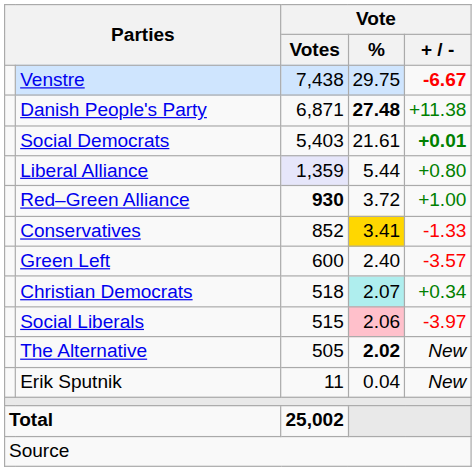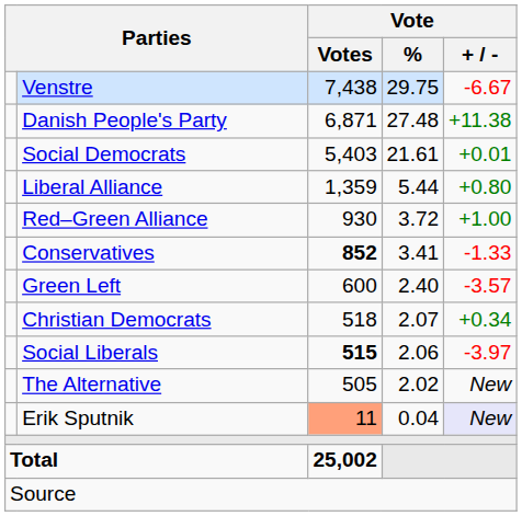 <table class="wikitable" style="text-align:right;">
 <tr>
 <th style="text-align:centre;" rowspan="2" colspan="2" width="225">Parties</th>
 <th colspan="3">Vote</th>
 </tr>
 <tr>
 <th width="15">Votes</th>
 <th width="15">%</th>
 <th width="15">+ / -</th>
 </tr>
 <tr>
 <td width="2" style="color:inherit;background:"></td>
 <td bgcolor=#cfe5fe  align="left"><a href='#'>Venstre</a></td>
 <td bgcolor=#cfe5fe>7,438</td>
 <td bgcolor=#cfe5fe>29.75</td>
-<td style=color:red;><strong>-6.67</strong></td>
+<td style=color:red;>-6.67</td>
 </tr>
 <tr>
 <td width="2" style="color:inherit;background:"></td>
 <td align="left"><a href='#'>Danish People's Party</a></td>
 <td>6,871</td>
-<td><strong>27.48</strong></td>
+<td>27.48</td>
 <td style=color:green;>+11.38</td>
 </tr>
 <tr>
 <td width="2" style="color:inherit;background:"></td>
 <td align="left"><a href='#'>Social Democrats</a></td>
 <td>5,403</td>
 <td>21.61</td>
-<td style=color:green;><strong>+0.01</strong></td>
+<td style=color:green;>+0.01</td>
 </tr>
 <tr>
 <td width="2" style="color:inherit;background:"></td>
 <td align="left"><a href='#'>Liberal Alliance</a></td>
-<td style="background: lavender;">1,359</td>
+<td>1,359</td>
 <td>5.44</td>
 <td style=color:green;>+0.80</td>
 </tr>
 <tr>
 <td width="2" style="color:inherit;background:"></td>
 <td align="left"><a href='#'>Red–Green Alliance</a></td>
-<td><strong>930</strong></td>
+<td>930</td>
 <td>3.72</td>
 <td style=color:green;>+1.00</td>
 </tr>
 <tr>
 <td width="2" style="color:inherit;background:"></td>
 <td align="left"><a href='#'>Conservatives</a></td>
-<td>852</td>
-<td style="background: gold;">3.41</td>
+<td><strong>852</strong></td>
+<td>3.41</td>
 <td style=color:red;>-1.33</td>
 </tr>
 <tr>
 <td width="2" style="color:inherit;background:"></td>
 <td align="left"><a href='#'>Green Left</a></td>
 <td>600</td>
 <td>2.40</td>
 <td style=color:red;>-3.57</td>
 </tr>
 <tr>
 <td width="2" style="color:inherit;background:"></td>
 <td align="left"><a href='#'>Christian Democrats</a></td>
 <td>518</td>
-<td style="background: paleturquoise;">2.07</td>
+<td>2.07</td>
 <td style=color:green;>+0.34</td>
 </tr>
 <tr>
 <td width="2" style="color:inherit;background:"></td>
 <td align="left"><a href='#'>Social Liberals</a></td>
-<td>515</td>
-<td style="background: pink;">2.06</td>
+<td><strong>515</strong></td>
+<td>2.06</td>
 <td style=color:red;>-3.97</td>
 </tr>
 <tr>
 <td width="2" style="color:inherit;background:"></td>
 <td align="left"><a href='#'>The Alternative</a></td>
 <td>505</td>
-<td><strong>2.02</strong></td>
+<td>2.02</td>
 <td><em>New</em></td>
 </tr>
 <tr>
 <td width="2" style="color:inherit;background:"></td>
 <td align="left">Erik Sputnik</td>
-<td>11</td>
+<td style="background: lightsalmon;">11</td>
 <td>0.04</td>
-<td><em>New</em></td>
+<td style="background: lavender;"><em>New</em></td>
 </tr>
 <tr>
 <td colspan="7" bgcolor="#E9E9E9"></td>
 </tr>
 <tr>
 <td align="left" colspan="2"><strong>Total</strong></td>
 <td><strong>25,002</strong></td>
 <td bgcolor="#E9E9E9" colspan="2"></td>
 </tr>
 <tr>
 <td align="left" colspan="6">Source</td>
 </tr>
 </table>
